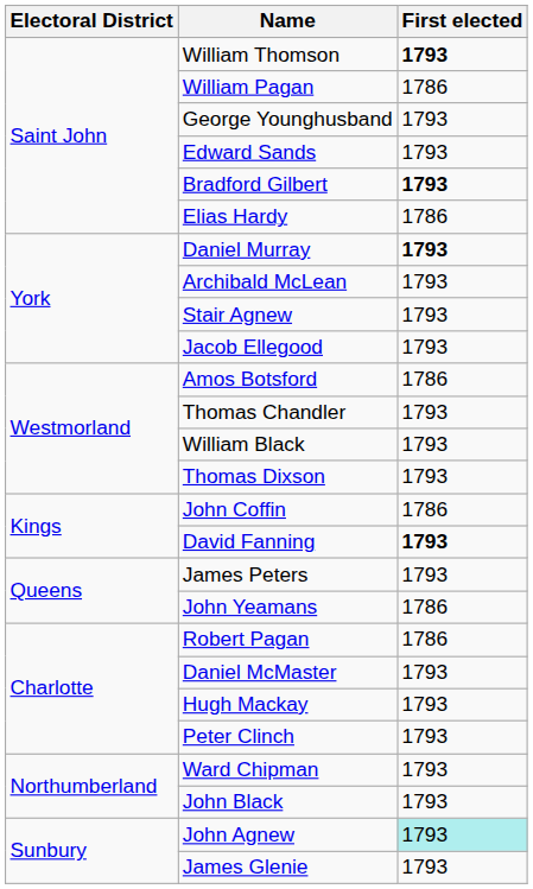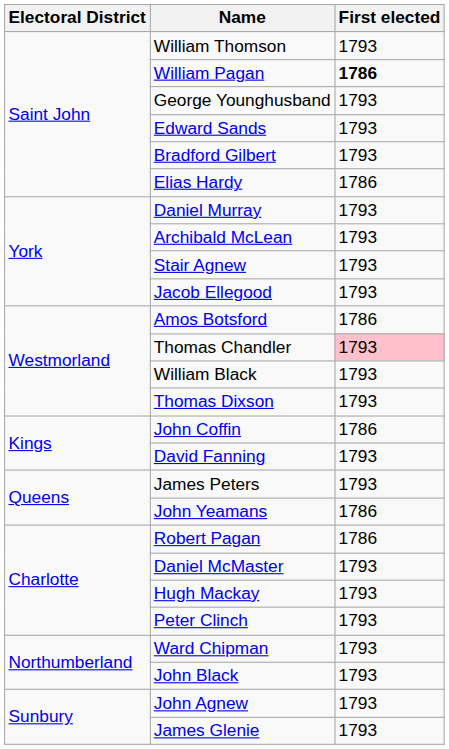 <table class="wikitable">
 <tr>
 <th>Electoral District</th>
 <th>Name</th>
 <th>First elected</th>
 </tr>
 <tr>
 <td rowspan="6"><a href='#'>Saint John</a></td>
 <td>William Thomson</td>
-<td><strong>1793</strong></td>
+<td>1793</td>
 </tr>
 <tr>
 <td><a href='#'>William Pagan</a></td>
-<td>1786</td>
+<td><strong>1786</strong></td>
 </tr>
 <tr>
 <td>George Younghusband</td>
 <td>1793</td>
 </tr>
 <tr>
 <td><a href='#'>Edward Sands</a></td>
 <td>1793</td>
 </tr>
 <tr>
 <td><a href='#'>Bradford Gilbert</a></td>
-<td><strong>1793</strong></td>
+<td>1793</td>
 </tr>
 <tr>
 <td><a href='#'>Elias Hardy</a></td>
 <td>1786</td>
 </tr>
 <tr>
 <td rowspan="4"><a href='#'>York</a></td>
 <td><a href='#'>Daniel Murray</a></td>
-<td><strong>1793</strong></td>
+<td>1793</td>
 </tr>
 <tr>
 <td><a href='#'>Archibald McLean</a></td>
 <td>1793</td>
 </tr>
 <tr>
 <td><a href='#'>Stair Agnew</a></td>
 <td>1793</td>
 </tr>
 <tr>
 <td><a href='#'>Jacob Ellegood</a></td>
 <td>1793</td>
 </tr>
 <tr>
 <td rowspan="4"><a href='#'>Westmorland</a></td>
 <td><a href='#'>Amos Botsford</a></td>
 <td>1786</td>
 </tr>
 <tr>
 <td>Thomas Chandler</td>
-<td>1793</td>
+<td style="background: pink;">1793</td>
 </tr>
 <tr>
 <td>William Black</td>
 <td>1793</td>
 </tr>
 <tr>
 <td><a href='#'>Thomas Dixson</a></td>
 <td>1793</td>
 </tr>
 <tr>
 <td rowspan="2"><a href='#'>Kings</a></td>
 <td><a href='#'>John Coffin</a></td>
 <td>1786</td>
 </tr>
 <tr>
 <td><a href='#'>David Fanning</a></td>
-<td><strong>1793</strong></td>
+<td>1793</td>
 </tr>
 <tr>
 <td rowspan="2"><a href='#'>Queens</a></td>
 <td>James Peters</td>
 <td>1793</td>
 </tr>
 <tr>
 <td><a href='#'>John Yeamans</a></td>
 <td>1786</td>
 </tr>
 <tr>
 <td rowspan="4"><a href='#'>Charlotte</a></td>
 <td><a href='#'>Robert Pagan</a></td>
 <td>1786</td>
 </tr>
 <tr>
 <td><a href='#'>Daniel McMaster</a></td>
 <td>1793</td>
 </tr>
 <tr>
 <td><a href='#'>Hugh Mackay</a></td>
 <td>1793</td>
 </tr>
 <tr>
 <td><a href='#'>Peter Clinch</a></td>
 <td>1793</td>
 </tr>
 <tr>
 <td rowspan="2"><a href='#'>Northumberland</a></td>
 <td><a href='#'>Ward Chipman</a></td>
 <td>1793</td>
 </tr>
 <tr>
 <td><a href='#'>John Black</a></td>
 <td>1793</td>
 </tr>
 <tr>
 <td rowspan="2"><a href='#'>Sunbury</a></td>
 <td><a href='#'>John Agnew</a></td>
-<td style="background: paleturquoise;">1793</td>
+<td>1793</td>
 </tr>
 <tr>
 <td><a href='#'>James Glenie</a></td>
 <td>1793</td>
 </tr>
 </table>
